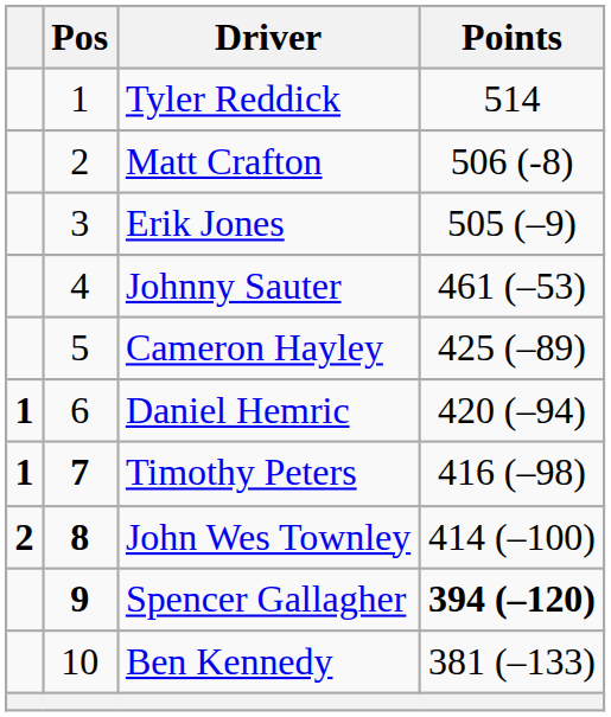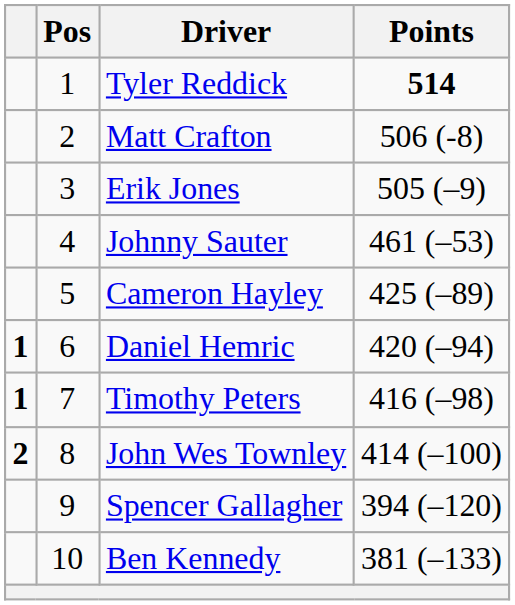 <table class="wikitable" style="font-size: 95%;">
 <tr>
 <th></th>
 <th>Pos</th>
 <th>Driver</th>
 <th>Points</th>
 </tr>
 <tr>
 <td align="left"></td>
 <td style="text-align:center;">1</td>
 <td><a href='#'>Tyler Reddick</a></td>
-<td style="text-align:center;">514</td>
+<td style="text-align:center;"><strong>514</strong></td>
 </tr>
 <tr>
 <td align="left"></td>
 <td style="text-align:center;">2</td>
 <td><a href='#'>Matt Crafton</a></td>
 <td style="text-align:center;">506 (-8)</td>
 </tr>
 <tr>
 <td align="left"></td>
 <td style="text-align:center;">3</td>
 <td><a href='#'>Erik Jones</a></td>
 <td style="text-align:center;">505 (–9)</td>
 </tr>
 <tr>
 <td align="left"></td>
 <td style="text-align:center;">4</td>
 <td><a href='#'>Johnny Sauter</a></td>
 <td style="text-align:center;">461 (–53)</td>
 </tr>
 <tr>
 <td align="left"></td>
 <td style="text-align:center;">5</td>
 <td><a href='#'>Cameron Hayley</a></td>
 <td style="text-align:center;">425 (–89)</td>
 </tr>
 <tr>
 <td align="left"> <strong>1</strong></td>
 <td style="text-align:center;">6</td>
 <td><a href='#'>Daniel Hemric</a></td>
 <td style="text-align:center;">420 (–94)</td>
 </tr>
 <tr>
 <td align="left"> <strong>1</strong></td>
-<td style="text-align:center;"><strong>7</strong></td>
+<td style="text-align:center;">7</td>
 <td><a href='#'>Timothy Peters</a></td>
 <td style="text-align:center;">416 (–98)</td>
 </tr>
 <tr>
 <td align="left"> <strong>2</strong></td>
-<td style="text-align:center;"><strong>8</strong></td>
+<td style="text-align:center;">8</td>
 <td><a href='#'>John Wes Townley</a></td>
 <td style="text-align:center;">414 (–100)</td>
 </tr>
 <tr>
 <td align="left"></td>
-<td style="text-align:center;"><strong>9</strong></td>
+<td style="text-align:center;">9</td>
 <td><a href='#'>Spencer Gallagher</a></td>
-<td style="text-align:center;"><strong>394 (–120)</strong></td>
+<td style="text-align:center;">394 (–120)</td>
 </tr>
 <tr>
 <td align="left"></td>
 <td style="text-align:center;">10</td>
 <td><a href='#'>Ben Kennedy</a></td>
 <td style="text-align:center;">381 (–133)</td>
 </tr>
 <tr>
 <th colspan="9"></th>
 </tr>
 </table>
